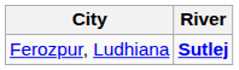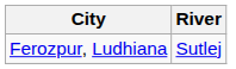 <table class="wikitable sortable">
 <tr>
 <th>City</th>
 <th>River</th>
 </tr>
 <tr>
 <td><a href='#'>Ferozpur</a>, <a href='#'>Ludhiana</a></td>
-<td><strong><a href='#'>Sutlej</a></strong></td>
+<td><a href='#'>Sutlej</a></td>
 </tr>
 <tr>
 </tr>
 </table>
